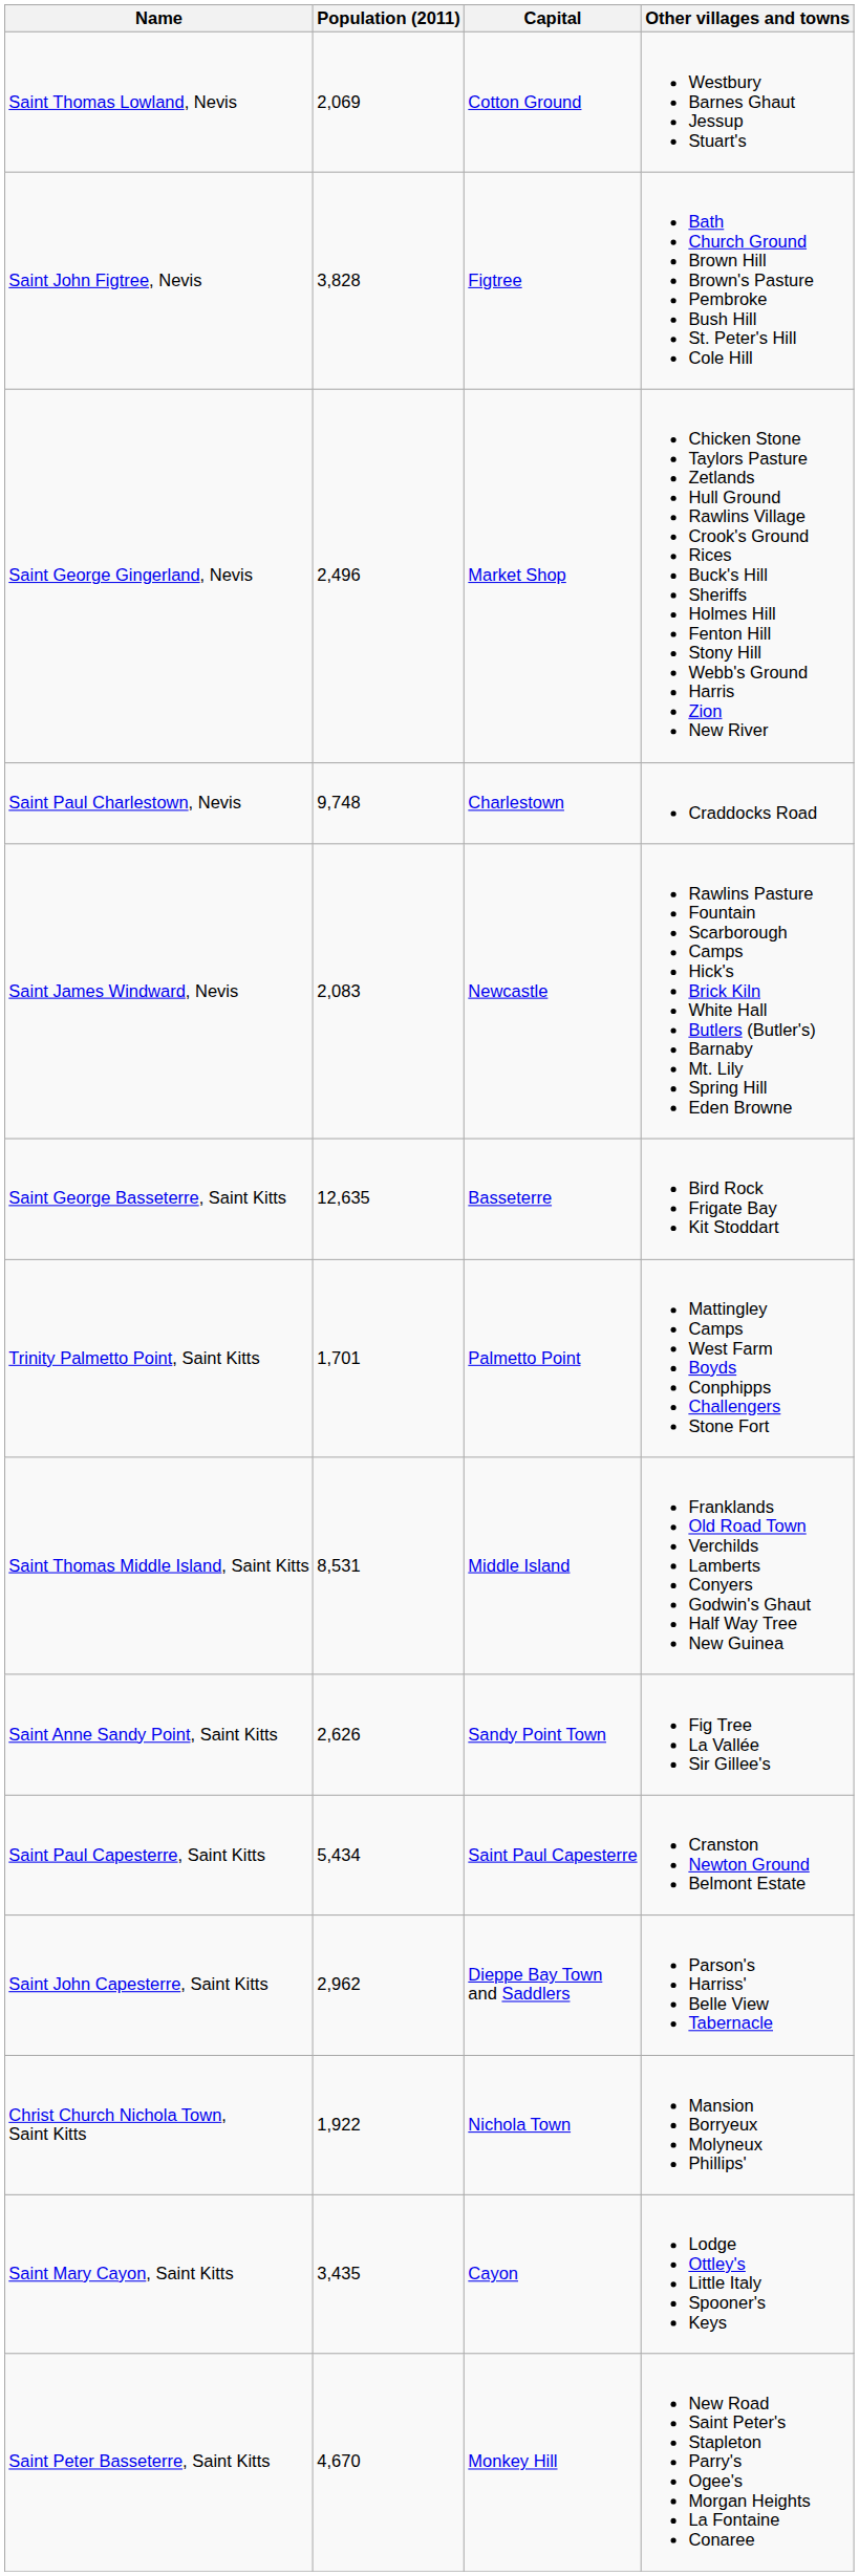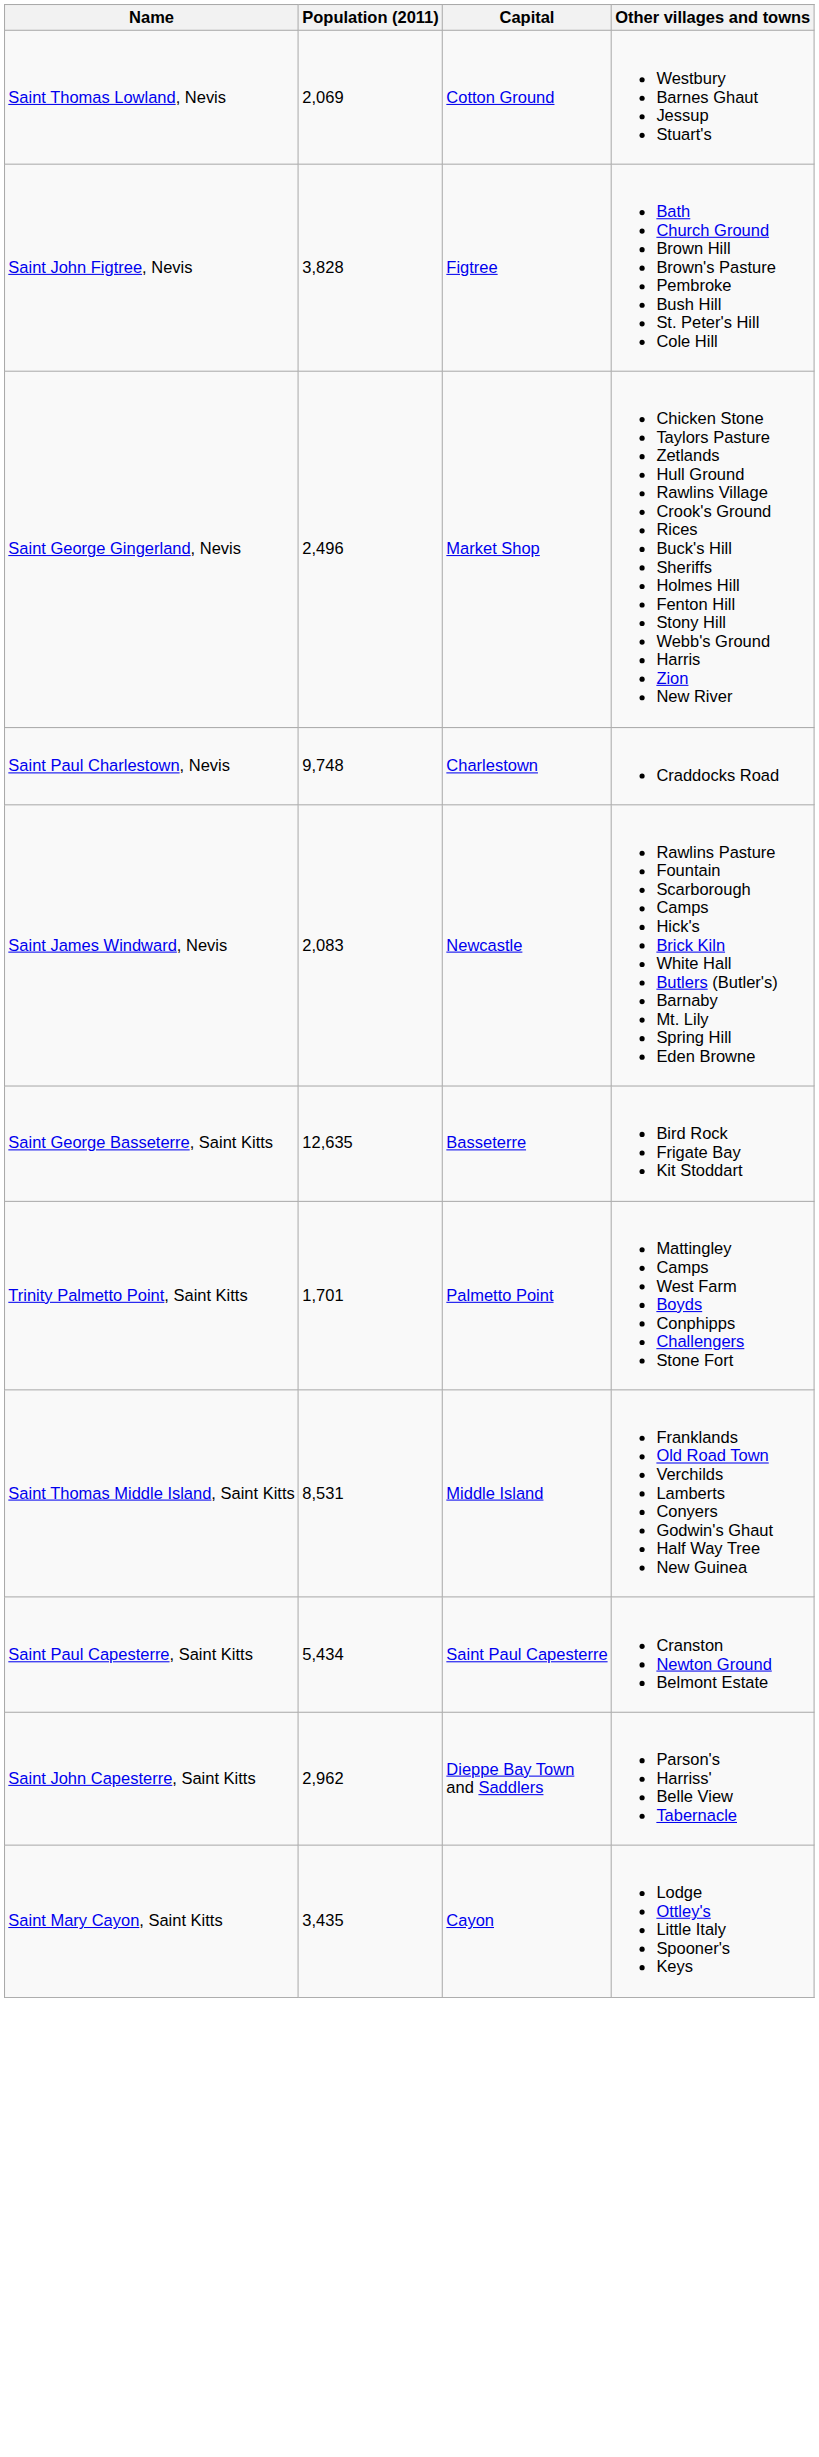 <table class="wikitable sortable">
 <tr>
 <th>Name</th>
 <th>Population (2011)</th>
 <th>Capital</th>
 <th>Other villages and towns</th>
 </tr>
 <tr>
 <td><a href='#'>Saint Thomas Lowland</a>, Nevis</td>
 <td>2,069</td>
 <td><a href='#'>Cotton Ground</a></td>
 <td><br><ul><li>Westbury</li><li>Barnes Ghaut</li><li>Jessup</li><li>Stuart's</li></ul></td>
 </tr>
 <tr>
 <td><a href='#'>Saint John Figtree</a>, Nevis</td>
 <td>3,828</td>
 <td><a href='#'>Figtree</a></td>
 <td><br><ul><li><a href='#'>Bath</a></li><li><a href='#'>Church Ground</a></li><li>Brown Hill</li><li>Brown's Pasture</li><li>Pembroke</li><li>Bush Hill</li><li>St. Peter's Hill</li><li>Cole Hill</li></ul></td>
 </tr>
 <tr>
 <td><a href='#'>Saint George Gingerland</a>, Nevis</td>
 <td>2,496</td>
 <td><a href='#'>Market Shop</a></td>
 <td><br><ul><li>Chicken Stone</li><li>Taylors Pasture</li><li>Zetlands</li><li>Hull Ground</li><li>Rawlins Village</li><li>Crook's Ground</li><li>Rices</li><li>Buck's Hill</li><li>Sheriffs</li><li>Holmes Hill</li><li>Fenton Hill</li><li>Stony Hill</li><li>Webb's Ground</li><li>Harris</li><li><a href='#'>Zion</a></li><li>New River</li></ul></td>
 </tr>
 <tr>
 <td><a href='#'>Saint Paul Charlestown</a>, Nevis</td>
 <td>9,748</td>
 <td><a href='#'>Charlestown</a></td>
 <td><br><ul><li>Craddocks Road</li></ul></td>
 </tr>
 <tr>
 <td><a href='#'>Saint James Windward</a>, Nevis</td>
 <td>2,083</td>
 <td><a href='#'>Newcastle</a></td>
 <td><br><ul><li>Rawlins Pasture</li><li>Fountain</li><li>Scarborough</li><li>Camps</li><li>Hick's</li><li><a href='#'>Brick Kiln</a></li><li>White Hall</li><li><a href='#'>Butlers</a> (Butler's)</li><li>Barnaby</li><li>Mt. Lily</li><li>Spring Hill</li><li>Eden Browne</li></ul></td>
 </tr>
 <tr>
 <td><a href='#'>Saint George Basseterre</a>, Saint Kitts</td>
 <td>12,635</td>
 <td><a href='#'>Basseterre</a></td>
 <td><br><ul><li>Bird Rock</li><li>Frigate Bay</li><li>Kit Stoddart</li></ul></td>
 </tr>
 <tr>
 <td><a href='#'>Trinity Palmetto Point</a>, Saint Kitts</td>
 <td>1,701</td>
 <td><a href='#'>Palmetto Point</a></td>
 <td><br><ul><li>Mattingley</li><li>Camps</li><li>West Farm</li><li><a href='#'>Boyds</a></li><li>Conphipps</li><li><a href='#'>Challengers</a></li><li>Stone Fort</li></ul></td>
 </tr>
 <tr>
 <td><a href='#'>Saint Thomas Middle Island</a>, Saint Kitts</td>
 <td>8,531</td>
 <td><a href='#'>Middle Island</a></td>
 <td><br><ul><li>Franklands</li><li><a href='#'>Old Road Town</a></li><li>Verchilds</li><li>Lamberts</li><li>Conyers</li><li>Godwin's Ghaut</li><li>Half Way Tree</li><li>New Guinea</li></ul></td>
 </tr>
 <tr>
-<td><a href='#'>Saint Anne Sandy Point</a>, Saint Kitts</td>
-<td>2,626</td>
-<td><a href='#'>Sandy Point Town</a></td>
-<td><br><ul><li>Fig Tree</li><li>La Vallée</li><li>Sir Gillee's</li></ul></td>
-</tr>
-<tr>
 <td><a href='#'>Saint Paul Capesterre</a>, Saint Kitts</td>
 <td>5,434</td>
 <td><a href='#'>Saint Paul Capesterre</a></td>
 <td><br><ul><li>Cranston</li><li><a href='#'>Newton Ground</a></li><li>Belmont Estate</li></ul></td>
 </tr>
 <tr>
 <td><a href='#'>Saint John Capesterre</a>, Saint Kitts</td>
 <td>2,962</td>
 <td><a href='#'>Dieppe Bay Town</a><br>and <a href='#'>Saddlers</a></td>
 <td><br><ul><li>Parson's</li><li>Harriss'</li><li>Belle View</li><li><a href='#'>Tabernacle</a></li></ul></td>
 </tr>
 <tr>
-<td><a href='#'>Christ Church Nichola Town</a>,<br>Saint Kitts</td>
-<td>1,922</td>
-<td><a href='#'>Nichola Town</a></td>
-<td><br><ul><li>Mansion</li><li>Borryeux</li><li>Molyneux</li><li>Phillips'</li></ul></td>
-</tr>
-<tr>
 <td><a href='#'>Saint Mary Cayon</a>, Saint Kitts</td>
 <td>3,435</td>
 <td><a href='#'>Cayon</a></td>
 <td><br><ul><li>Lodge</li><li><a href='#'>Ottley's</a></li><li>Little Italy</li><li>Spooner's</li><li>Keys</li></ul></td>
 </tr>
-<tr>
-<td><a href='#'>Saint Peter Basseterre</a>, Saint Kitts</td>
-<td>4,670</td>
-<td><a href='#'>Monkey Hill</a></td>
-<td><br><ul><li>New Road</li><li>Saint Peter's</li><li>Stapleton</li><li>Parry's</li><li>Ogee's</li><li>Morgan Heights</li><li>La Fontaine</li><li>Conaree</li></ul></td>
-</tr>
 </table>
